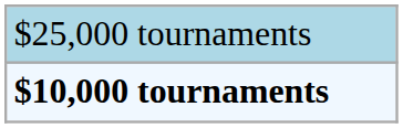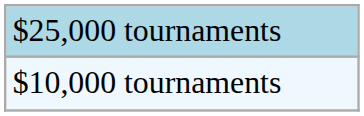 <table class="wikitable" style="font-size:85%;" width=12%>
 <tr bgcolor=lightblue>
 <td>$25,000 tournaments</td>
 </tr>
 <tr bgcolor="#f0f8ff">
-<td><strong>$10,000 tournaments</strong></td>
+<td>$10,000 tournaments</td>
 </tr>
 </table>
